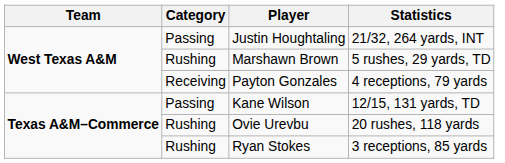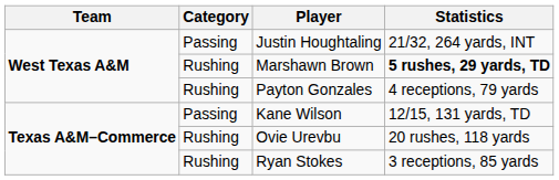 <table class="wikitable" style="float: left;">
 <tr>
 <th>Team</th>
 <th>Category</th>
 <th>Player</th>
 <th>Statistics</th>
 </tr>
 <tr>
 <td rowspan=3><strong>West Texas A&M</strong></td>
 <td>Passing</td>
 <td>Justin Houghtaling</td>
 <td>21/32, 264 yards, INT</td>
 </tr>
 <tr>
 <td>Rushing</td>
 <td>Marshawn Brown</td>
-<td>5 rushes, 29 yards, TD</td>
+<td><strong>5 rushes, 29 yards, TD</strong></td>
 </tr>
 <tr>
-<td>Receiving</td>
+<td>Rushing</td>
 <td>Payton Gonzales</td>
 <td>4 receptions, 79 yards</td>
 </tr>
 <tr>
 <td rowspan=3><strong>Texas A&M–Commerce</strong></td>
 <td>Passing</td>
 <td>Kane Wilson</td>
 <td>12/15, 131 yards, TD</td>
 </tr>
 <tr>
 <td>Rushing</td>
 <td>Ovie Urevbu</td>
 <td>20 rushes, 118 yards</td>
 </tr>
 <tr>
 <td>Rushing</td>
 <td>Ryan Stokes</td>
 <td>3 receptions, 85 yards</td>
 </tr>
 </table>
